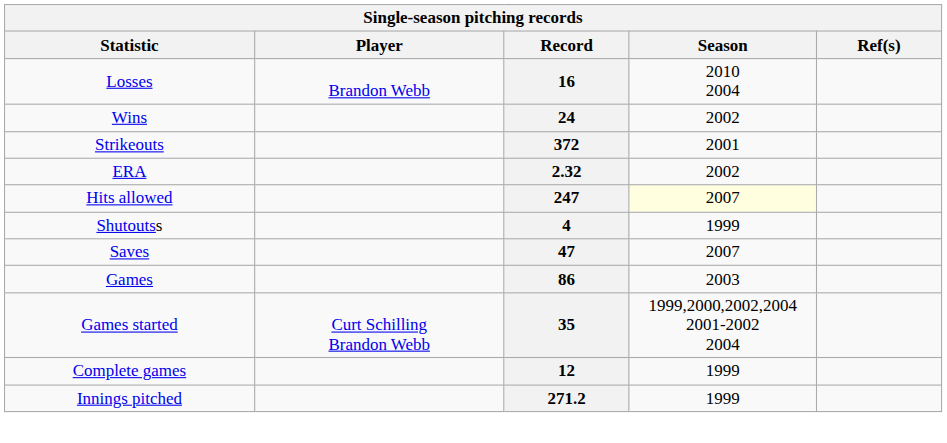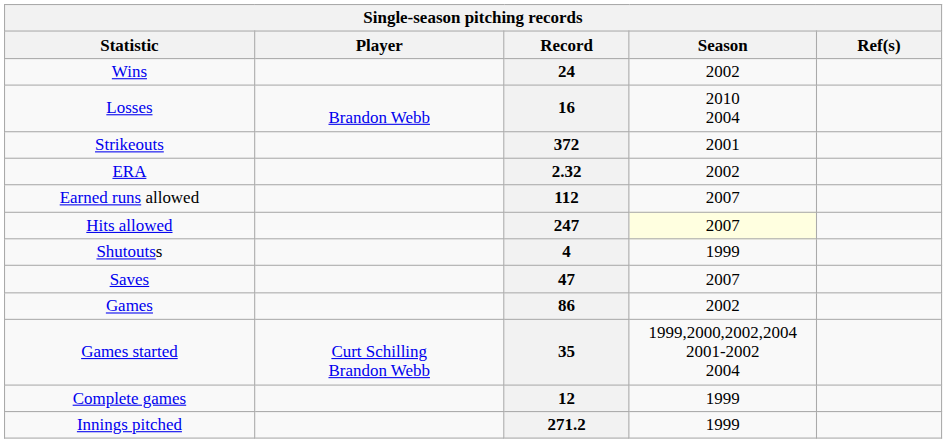 <table class="wikitable" style="text-align:center" width="70%">
 <tr>
 <th colspan=5>Single-season pitching records</th>
 </tr>
 <tr>
 <th scope="col" width=20%>Statistic</th>
 <th scope="col" width=20%>Player</th>
 <th scope="col" width=10% class="unsortable">Record</th>
 <th scope="col" width=10%>Season</th>
 <th scope="col" width=10% class="unsortable">Ref(s)</th>
 </tr>
 <tr>
+<td><a href='#'>Wins</a></td>
+<td></td>
+<th scope="row">24</th>
+<td>2002</td>
+<td></td>
+</tr>
+<tr>
 <td><a href='#'>Losses</a></td>
 <td><br><a href='#'>Brandon Webb</a></td>
 <th scope="row">16</th>
 <td>2010<br>2004</td>
-<td></td>
-</tr>
-<tr>
-<td><a href='#'>Wins</a></td>
-<td></td>
-<th scope="row">24</th>
-<td>2002</td>
 <td></td>
 </tr>
 <tr>
 <td><a href='#'>Strikeouts</a></td>
 <td></td>
 <th scope="row">372</th>
 <td>2001</td>
 <td></td>
 </tr>
 <tr>
 <td><a href='#'>ERA</a></td>
 <td></td>
 <th scope="row">2.32</th>
 <td>2002</td>
+<td></td>
+</tr>
+<tr>
+<td><a href='#'>Earned runs</a> allowed</td>
+<td></td>
+<th scope="row">112</th>
+<td>2007</td>
 <td></td>
 </tr>
 <tr>
 <td><a href='#'>Hits allowed</a></td>
 <td></td>
 <th scope="row">247</th>
 <td style="background: lightyellow;">2007</td>
 <td></td>
 </tr>
 <tr>
 <td><a href='#'>Shutouts</a>s</td>
 <td></td>
 <th scope="row">4</th>
 <td>1999</td>
 <td></td>
 </tr>
 <tr>
 <td><a href='#'>Saves</a></td>
 <td></td>
 <th scope="row">47</th>
 <td>2007</td>
 <td></td>
 </tr>
 <tr>
 <td><a href='#'>Games</a></td>
 <td></td>
 <th scope="row">86</th>
-<td>2003</td>
+<td>2002</td>
 <td></td>
 </tr>
 <tr>
 <td><a href='#'>Games started</a></td>
 <td><br><a href='#'>Curt Schilling</a><br><a href='#'>Brandon Webb</a></td>
 <th>35</th>
 <td>1999,2000,2002,2004<br>2001-2002<br>2004</td>
 <td><br><br></td>
 </tr>
 <tr>
 <td><a href='#'>Complete games</a></td>
 <td></td>
 <th scope="row">12</th>
 <td>1999</td>
 <td></td>
 </tr>
 <tr>
 <td><a href='#'>Innings pitched</a></td>
 <td></td>
 <th scope="row">271.2</th>
 <td>1999</td>
 <td></td>
 </tr>
 </table>
